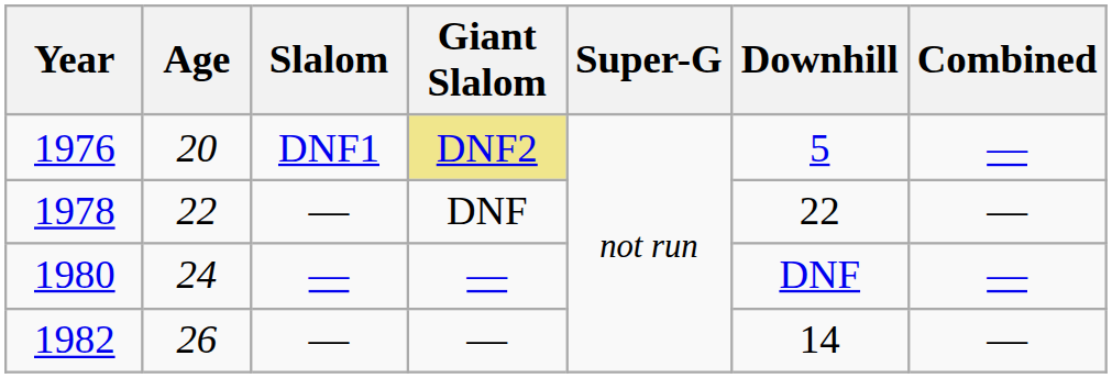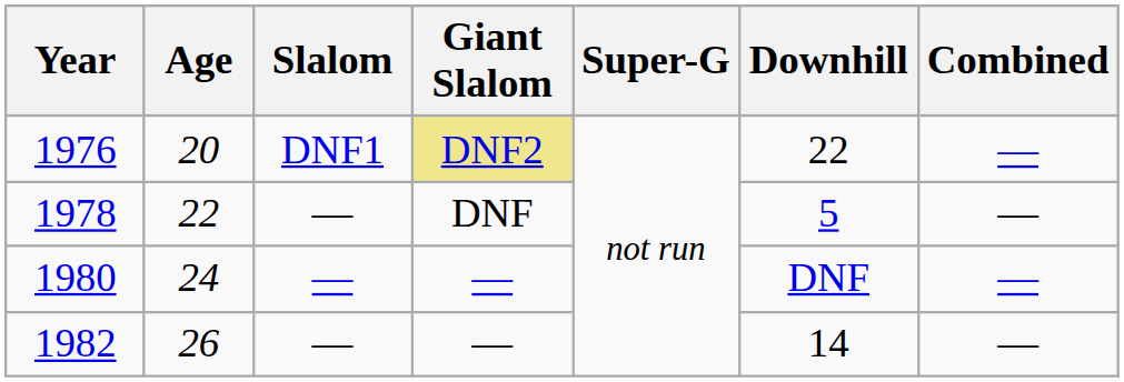 <table class=wikitable style="text-align:center">
 <tr>
 <th>  Year  </th>
 <th> Age </th>
 <th> Slalom </th>
 <th>Giant<br> Slalom </th>
 <th>Super-G</th>
 <th>Downhill</th>
 <th>Combined</th>
 </tr>
 <tr>
 <td><a href='#'>1976</a></td>
 <td><em>20</em></td>
 <td><a href='#'>DNF1</a></td>
 <td style="background: khaki;"><a href='#'>DNF2</a></td>
 <td rowspan=4><small><em>not run</em></small></td>
-<td><a href='#'>5</a></td>
+<td>22</td>
 <td><a href='#'>—</a></td>
 </tr>
 <tr>
 <td><a href='#'>1978</a></td>
 <td><em>22</em></td>
 <td>—</td>
 <td>DNF</td>
-<td>22</td>
+<td><a href='#'>5</a></td>
 <td>—</td>
 </tr>
 <tr>
 <td><a href='#'>1980</a></td>
 <td><em>24</em></td>
 <td><a href='#'>—</a></td>
 <td><a href='#'>—</a></td>
 <td><a href='#'>DNF</a></td>
 <td><a href='#'>—</a></td>
 </tr>
 <tr>
 <td><a href='#'>1982</a></td>
 <td><em>26</em></td>
 <td>—</td>
 <td>—</td>
 <td>14</td>
 <td>—</td>
 </tr>
 </table>
